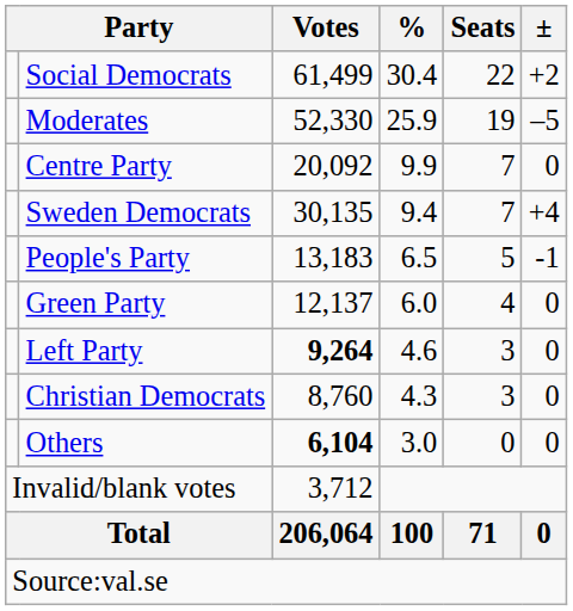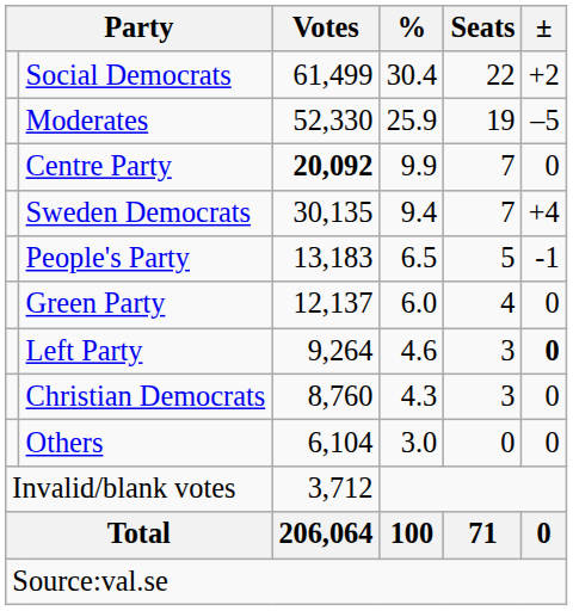 <table class=wikitable style=text-align:right>
 <tr>
 <th colspan=2>Party</th>
 <th>Votes</th>
 <th>%</th>
 <th>Seats</th>
 <th>±</th>
 </tr>
 <tr>
 <td bgcolor=></td>
 <td align=left><a href='#'>Social Democrats</a></td>
 <td>61,499</td>
 <td>30.4</td>
 <td>22</td>
 <td>+2</td>
 </tr>
 <tr>
 <td bgcolor=></td>
 <td align=left><a href='#'>Moderates</a></td>
 <td>52,330</td>
 <td>25.9</td>
 <td>19</td>
 <td>–5</td>
 </tr>
 <tr>
 <td bgcolor=></td>
 <td align=left><a href='#'>Centre Party</a></td>
-<td>20,092</td>
+<td><strong>20,092</strong></td>
 <td>9.9</td>
 <td>7</td>
 <td>0</td>
 </tr>
 <tr>
 <td bgcolor=></td>
 <td align=left><a href='#'>Sweden Democrats</a></td>
 <td>30,135</td>
 <td>9.4</td>
 <td>7</td>
 <td>+4</td>
 </tr>
 <tr>
 <td bgcolor=></td>
 <td align=left><a href='#'>People's Party</a></td>
 <td>13,183</td>
 <td>6.5</td>
 <td>5</td>
 <td>-1</td>
 </tr>
 <tr>
 <td bgcolor=></td>
 <td align=left><a href='#'>Green Party</a></td>
 <td>12,137</td>
 <td>6.0</td>
 <td>4</td>
 <td>0</td>
 </tr>
 <tr>
 <td bgcolor=></td>
 <td align=left><a href='#'>Left Party</a></td>
-<td><strong>9,264</strong></td>
+<td>9,264</td>
 <td>4.6</td>
 <td>3</td>
-<td>0</td>
+<td><strong>0</strong></td>
 </tr>
 <tr>
 <td bgcolor=></td>
 <td align=left><a href='#'>Christian Democrats</a></td>
 <td>8,760</td>
 <td>4.3</td>
 <td>3</td>
 <td>0</td>
 </tr>
 <tr>
 <td></td>
 <td align=left><a href='#'>Others</a></td>
-<td><strong>6,104</strong></td>
+<td>6,104</td>
 <td>3.0</td>
 <td>0</td>
 <td>0</td>
 </tr>
 <tr>
 <td align=left colspan=2>Invalid/blank votes</td>
 <td>3,712</td>
 <td colspan=3></td>
 </tr>
 <tr>
 <th align=left colspan=2>Total</th>
 <th>206,064</th>
 <th>100</th>
 <th>71</th>
 <th>0</th>
 </tr>
 <tr>
 <td align=left colspan=6>Source:val.se </td>
 </tr>
 </table>
